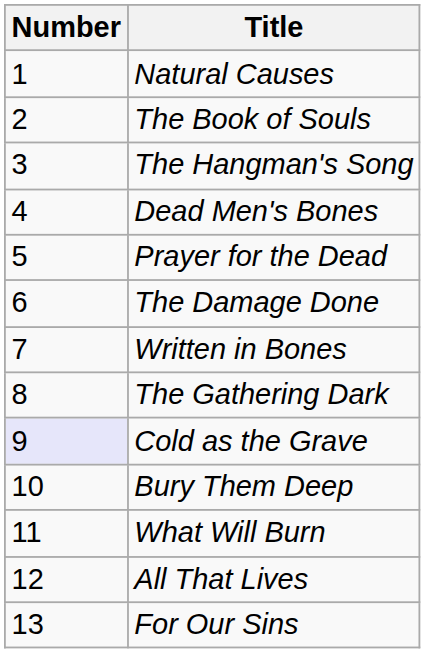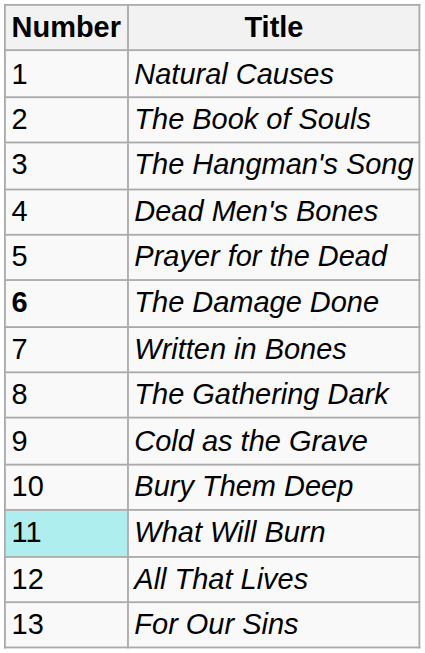 <table class="wikitable">
 <tr>
 <th>Number</th>
 <th>Title</th>
 </tr>
 <tr>
 <td>1</td>
 <td><em>Natural Causes</em></td>
 </tr>
 <tr>
 <td>2</td>
 <td><em>The Book of Souls</em></td>
 </tr>
 <tr>
 <td>3</td>
 <td><em>The Hangman's Song</em></td>
 </tr>
 <tr>
 <td>4</td>
 <td><em>Dead Men's Bones</em></td>
 </tr>
 <tr>
 <td>5</td>
 <td><em>Prayer for the Dead</em></td>
 </tr>
 <tr>
-<td>6</td>
+<td><strong>6</strong></td>
 <td><em>The Damage Done</em></td>
 </tr>
 <tr>
 <td>7</td>
 <td><em>Written in Bones</em></td>
 </tr>
 <tr>
 <td>8</td>
 <td><em>The Gathering Dark</em></td>
 </tr>
 <tr>
-<td style="background: lavender;">9</td>
+<td>9</td>
 <td><em>Cold as the Grave</em></td>
 </tr>
 <tr>
 <td>10</td>
 <td><em>Bury Them Deep</em></td>
 </tr>
 <tr>
-<td>11</td>
+<td style="background: paleturquoise;">11</td>
 <td><em>What Will Burn</em></td>
 </tr>
 <tr>
 <td>12</td>
 <td><em>All That Lives</em></td>
 </tr>
 <tr>
 <td>13</td>
 <td><em>For Our Sins</em></td>
 </tr>
 </table>
